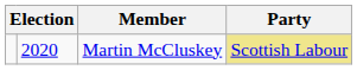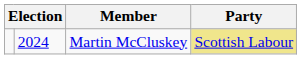 <table class="wikitable">
 <tr>
 <th colspan="2">Election</th>
 <th>Member</th>
 <th>Party</th>
 </tr>
 <tr>
 <td style="color:inherit;background-color: "></td>
-<td><a href='#'>2020</a></td>
+<td><a href='#'>2024</a></td>
 <td><a href='#'>Martin McCluskey</a></td>
 <td style="background: khaki;"><a href='#'>Scottish Labour</a></td>
 </tr>
 </table>
